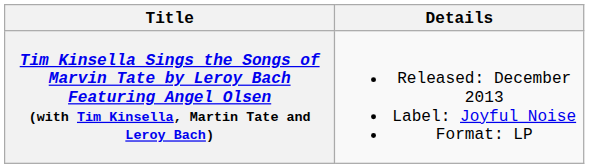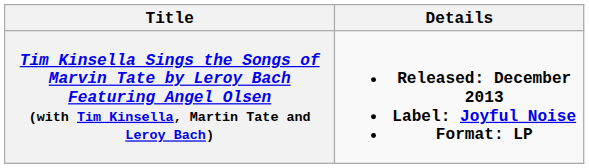 <table class="wikitable plainrowheaders" style="text-align:center;">
 <tr>
 <th scope="col" style="width:20em;">Title</th>
 <th scope="col" style="width:15em;">Details</th>
 </tr>
 <tr>
 <th scope="row"><em><a href='#'>Tim Kinsella Sings the Songs of Marvin Tate by Leroy Bach Featuring Angel Olsen</a></em> <br><small>(with <a href='#'>Tim Kinsella</a>, Martin Tate and <a href='#'>Leroy Bach</a>)</small></th>
-<td><br><ul><li>Released: December 2013</li><li>Label: <a href='#'>Joyful Noise</a></li><li>Format: LP</li></ul></td>
+<td><strong><br><ul><li>Released: December 2013</li><li>Label: <a href='#'>Joyful Noise</a></li><li>Format: LP</li></ul></strong></td>
 </tr>
 </table>
